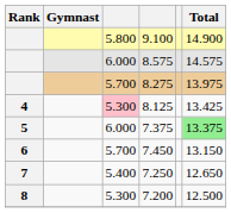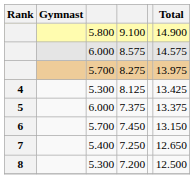 <table class="wikitable sortable" style="text-align:center; font-size:95%">
 <tr>
 <th scope=col>Rank</th>
 <th scope=col>Gymnast</th>
 <th scope=col></th>
 <th scope=col></th>
 <th scope=col></th>
 <th scope=col>Total</th>
 </tr>
 <tr bgcolor=fffcaf>
 <th scope=row></th>
 <td align=left></td>
 <td>5.800</td>
 <td>9.100</td>
 <td></td>
 <td>14.900</td>
 </tr>
 <tr bgcolor=e5e5e5>
 <th scope=row></th>
 <td align=left></td>
 <td>6.000</td>
 <td>8.575</td>
 <td></td>
 <td>14.575</td>
 </tr>
 <tr bgcolor=eecc99>
 <th scope=row></th>
 <td align=left></td>
 <td>5.700</td>
 <td>8.275</td>
 <td></td>
 <td>13.975</td>
 </tr>
 <tr>
 <th scope=row>4</th>
 <td align=left></td>
-<td style="background: pink;">5.300</td>
+<td>5.300</td>
 <td>8.125</td>
 <td></td>
 <td>13.425</td>
 </tr>
 <tr>
 <th scope=row>5</th>
 <td align=left></td>
 <td>6.000</td>
 <td>7.375</td>
 <td></td>
-<td style="background: lightgreen;">13.375</td>
+<td>13.375</td>
 </tr>
 <tr>
 <th scope=row>6</th>
 <td align=left></td>
 <td>5.700</td>
 <td>7.450</td>
 <td></td>
 <td>13.150</td>
 </tr>
 <tr>
 <th scope=row>7</th>
 <td align=left></td>
 <td>5.400</td>
 <td>7.250</td>
 <td></td>
 <td>12.650</td>
 </tr>
 <tr>
 <th scope=row>8</th>
 <td align=left></td>
 <td>5.300</td>
 <td>7.200</td>
 <td></td>
 <td>12.500</td>
 </tr>
 <tr>
 </tr>
 </table>
